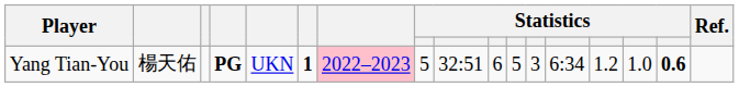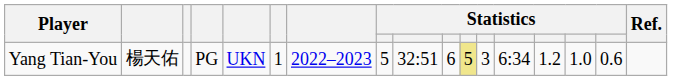 <table class="wikitable sortable" style="font-size:95%; text-align:right;">
 <tr>
 <th rowspan="2">Player</th>
 <th rowspan="2"></th>
 <th rowspan="2"></th>
 <th rowspan="2"></th>
 <th rowspan="2"></th>
 <th rowspan="2"></th>
 <th rowspan="2"></th>
 <th colspan="9">Statistics</th>
 <th rowspan="2">Ref.</th>
 </tr>
 <tr>
 <th></th>
 <th></th>
 <th></th>
 <th></th>
 <th></th>
 <th></th>
 <th></th>
 <th></th>
 <th></th>
 </tr>
 <tr>
 <td align="left">Yang Tian-You</td>
 <td align="left">楊天佑</td>
 <td align="center"></td>
-<td align="center"><strong>PG</strong></td>
+<td align="center">PG</td>
 <td align="left"><a href='#'>UKN</a></td>
-<td align="center"><strong>1</strong></td>
-<td align="center" style="background: pink;"><a href='#'>2022–2023</a></td>
+<td align="center">1</td>
+<td align="center"><a href='#'>2022–2023</a></td>
 <td>5</td>
 <td>32:51</td>
 <td>6</td>
-<td>5</td>
+<td style="background: khaki;">5</td>
 <td>3</td>
 <td>6:34</td>
 <td>1.2</td>
 <td>1.0</td>
-<td><strong>0.6</strong></td>
+<td>0.6</td>
 <td align="center"></td>
 </tr>
 </table>
